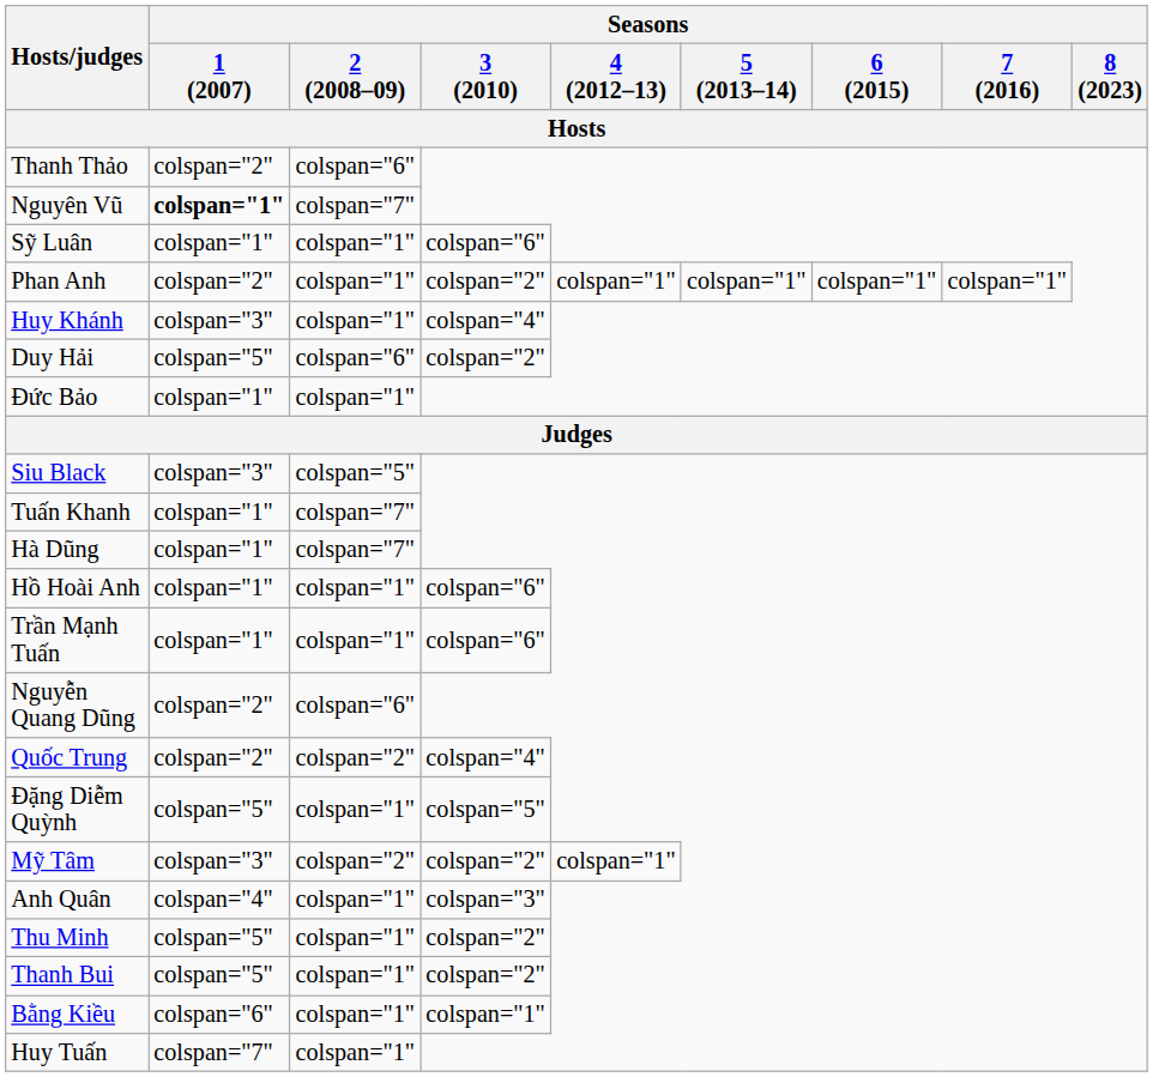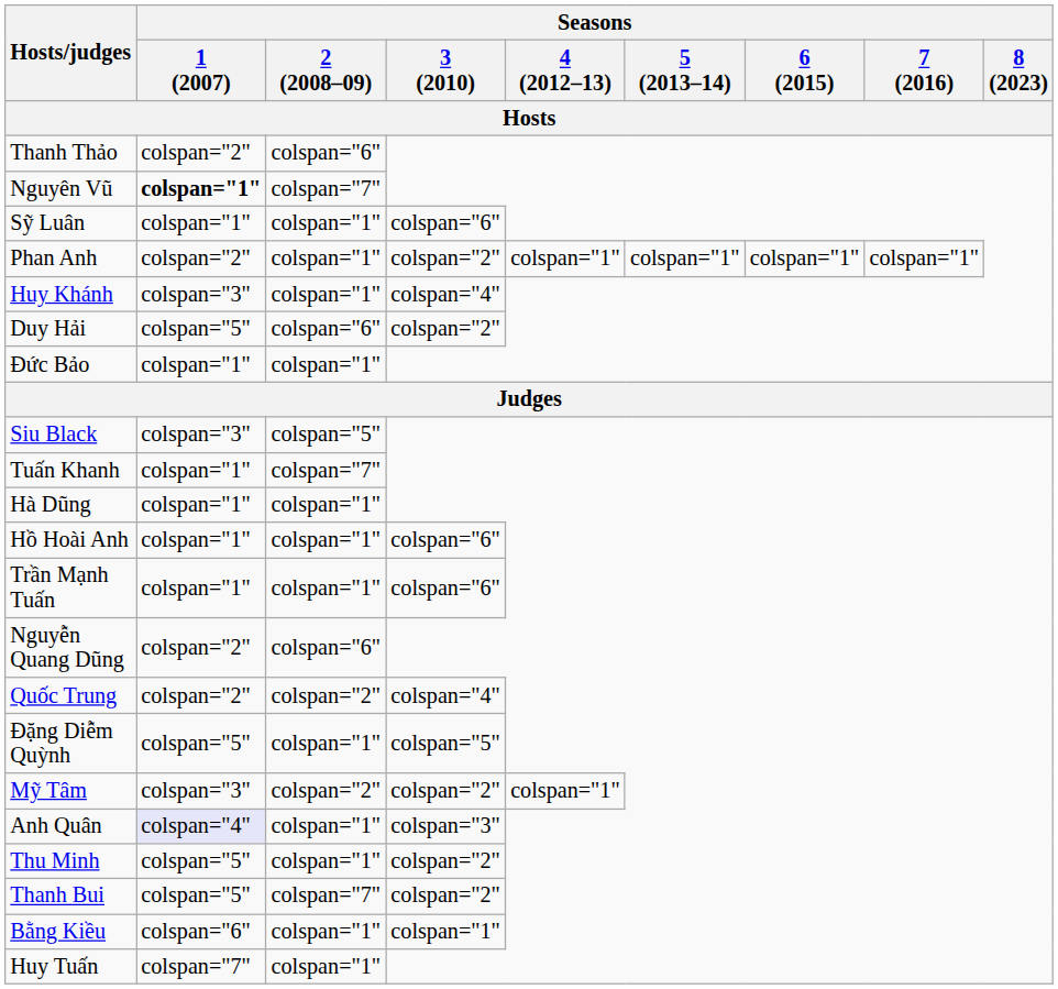 <table class="wikitable" style="margin:1em auto 1em auto;">
 <tr>
 <th rowspan="2">Hosts/judges</th>
 <th colspan="8">Seasons</th>
 </tr>
 <tr>
 <th><a href='#'>1</a><br> (2007)</th>
 <th><a href='#'>2</a><br> (2008–09)</th>
 <th><a href='#'>3</a><br> (2010)</th>
 <th><a href='#'>4</a><br> (2012–13)</th>
 <th><a href='#'>5</a><br> (2013–14)</th>
 <th><a href='#'>6</a><br> (2015)</th>
 <th><a href='#'>7</a><br> (2016)</th>
 <th><a href='#'>8</a><br> (2023)</th>
 </tr>
 <tr>
 <th scope="col" colspan="9">Hosts</th>
 </tr>
 <tr>
 <td scope="row">Thanh Thảo</td>
 <td>colspan="2" </td>
 <td>colspan="6" </td>
 </tr>
 <tr>
 <td scope="row">Nguyên Vũ</td>
 <td><strong>colspan="1" </strong></td>
 <td>colspan="7" </td>
 </tr>
 <tr>
 <td scope="row">Sỹ Luân</td>
 <td>colspan="1" </td>
 <td>colspan="1" </td>
 <td>colspan="6" </td>
 </tr>
 <tr>
 <td scope="row">Phan Anh</td>
 <td>colspan="2" </td>
 <td>colspan="1" </td>
 <td>colspan="2" </td>
 <td>colspan="1" </td>
 <td>colspan="1" </td>
 <td>colspan="1" </td>
 <td>colspan="1" </td>
 </tr>
 <tr>
 <td scope="row"><a href='#'>Huy Khánh</a></td>
 <td>colspan="3" </td>
 <td>colspan="1" </td>
 <td>colspan="4" </td>
 </tr>
 <tr>
 <td scope="row">Duy Hải</td>
 <td>colspan="5" </td>
 <td>colspan="6" </td>
 <td>colspan="2" </td>
 </tr>
 <tr>
 <td scope="row">Đức Bảo</td>
 <td>colspan="1" </td>
 <td>colspan="1" </td>
 </tr>
 <tr>
 <th scope="col" colspan="9">Judges</th>
 </tr>
 <tr>
 <td scope="row"><a href='#'>Siu Black</a></td>
 <td>colspan="3" </td>
 <td>colspan="5" </td>
 </tr>
 <tr>
 <td scope="row">Tuấn Khanh</td>
 <td>colspan="1" </td>
 <td>colspan="7" </td>
 </tr>
 <tr>
 <td scope="row">Hà Dũng</td>
 <td>colspan="1" </td>
-<td>colspan="7" </td>
+<td>colspan="1" </td>
 </tr>
 <tr>
 <td scope="row">Hồ Hoài Anh</td>
 <td>colspan="1" </td>
 <td>colspan="1" </td>
 <td>colspan="6" </td>
 </tr>
 <tr>
 <td scope="row">Trần Mạnh Tuấn</td>
 <td>colspan="1" </td>
 <td>colspan="1" </td>
 <td>colspan="6" </td>
 </tr>
 <tr>
 <td scope="row">Nguyễn Quang Dũng</td>
 <td>colspan="2" </td>
 <td>colspan="6" </td>
 </tr>
 <tr>
 <td scope="row"><a href='#'>Quốc Trung</a></td>
 <td>colspan="2" </td>
 <td>colspan="2" </td>
 <td>colspan="4" </td>
 </tr>
 <tr>
 <td scope="row">Đặng Diễm Quỳnh</td>
 <td>colspan="5" </td>
 <td>colspan="1" </td>
 <td>colspan="5" </td>
 </tr>
 <tr>
 <td scope="row"><a href='#'>Mỹ Tâm</a></td>
 <td>colspan="3" </td>
 <td>colspan="2" </td>
 <td>colspan="2" </td>
 <td>colspan="1" </td>
 </tr>
 <tr>
 <td scope="row">Anh Quân</td>
-<td>colspan="4" </td>
+<td style="background: lavender;">colspan="4" </td>
 <td>colspan="1" </td>
 <td>colspan="3" </td>
 </tr>
 <tr>
 <td scope="row"><a href='#'>Thu Minh</a></td>
 <td>colspan="5" </td>
 <td>colspan="1" </td>
 <td>colspan="2" </td>
 </tr>
 <tr>
 <td scope="row"><a href='#'>Thanh Bui</a></td>
 <td>colspan="5" </td>
-<td>colspan="1" </td>
+<td>colspan="7" </td>
 <td>colspan="2" </td>
 </tr>
 <tr>
 <td scope="row"><a href='#'>Bằng Kiều</a></td>
 <td>colspan="6" </td>
 <td>colspan="1" </td>
 <td>colspan="1" </td>
 </tr>
 <tr>
 <td scope="row">Huy Tuấn</td>
 <td>colspan="7" </td>
 <td>colspan="1" </td>
 </tr>
 </table>
